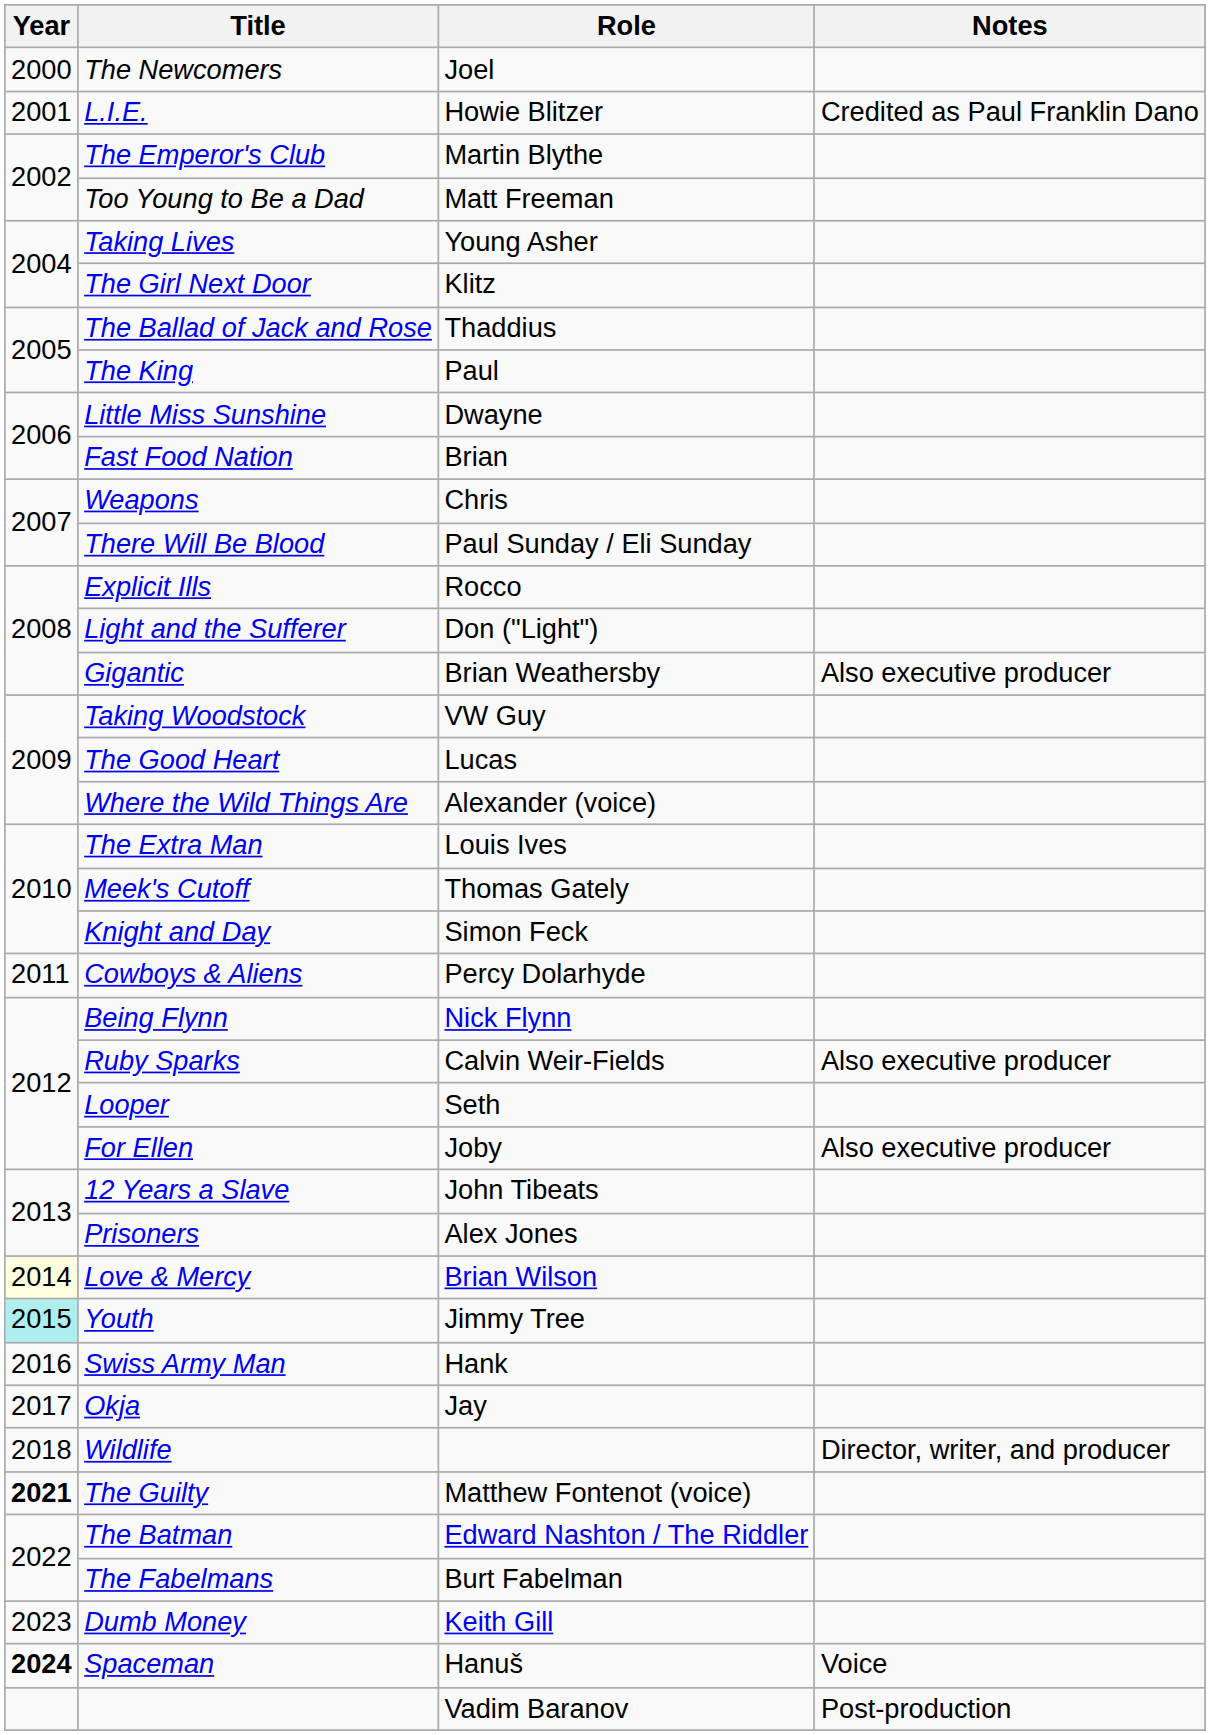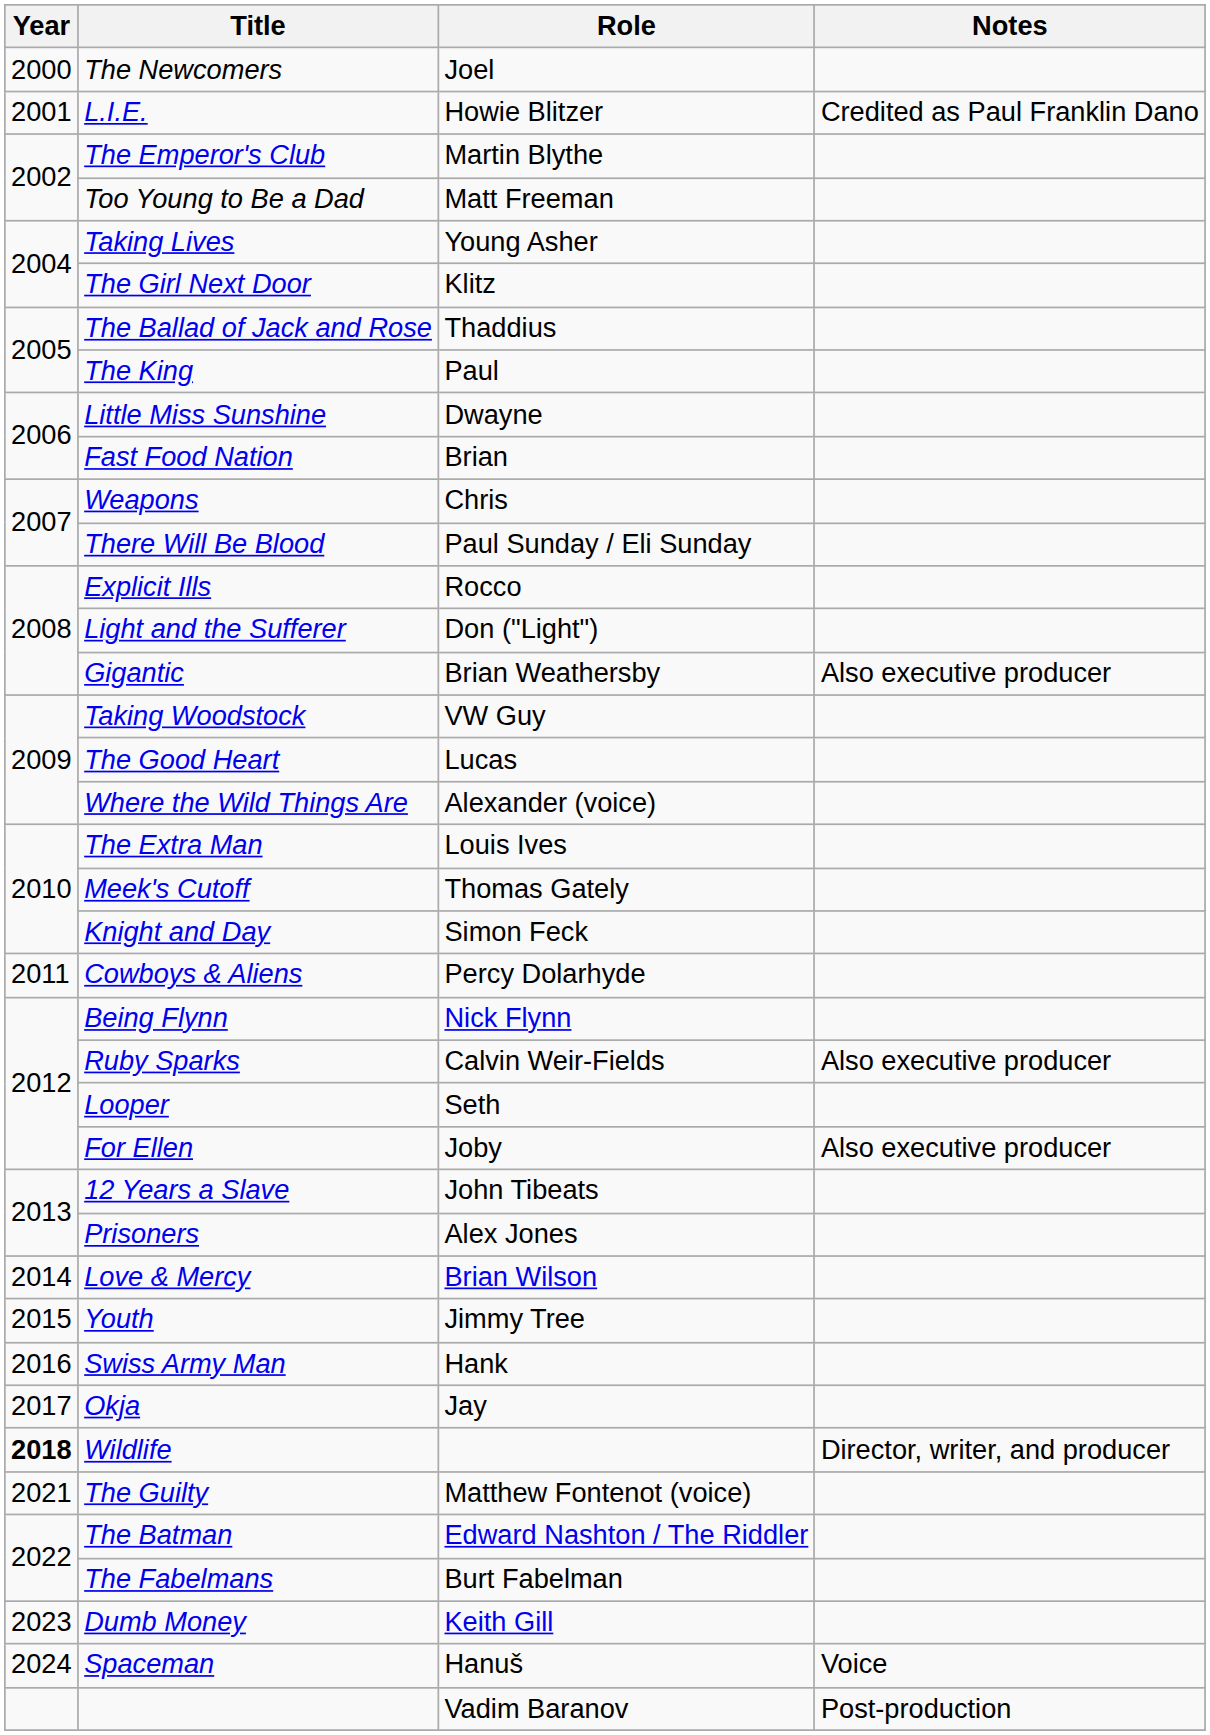 <table class="wikitable sortable unsortable">
 <tr>
 <th>Year</th>
 <th>Title</th>
 <th>Role</th>
 <th class="unsortable">Notes</th>
 </tr>
 <tr>
 <td>2000</td>
 <td><em>The Newcomers</em></td>
 <td>Joel</td>
 <td></td>
 </tr>
 <tr>
 <td>2001</td>
 <td><em><a href='#'>L.I.E.</a></em></td>
 <td>Howie Blitzer</td>
 <td>Credited as Paul Franklin Dano</td>
 </tr>
 <tr>
 <td rowspan="2">2002</td>
 <td><em><a href='#'>The Emperor's Club</a></em></td>
 <td>Martin Blythe</td>
 <td></td>
 </tr>
 <tr>
 <td><em>Too Young to Be a Dad</em></td>
 <td>Matt Freeman</td>
 <td></td>
 </tr>
 <tr>
 <td rowspan="2">2004</td>
 <td><em><a href='#'>Taking Lives</a></em></td>
 <td>Young Asher</td>
 <td></td>
 </tr>
 <tr>
 <td><em><a href='#'>The Girl Next Door</a></em></td>
 <td>Klitz</td>
 <td></td>
 </tr>
 <tr>
 <td rowspan="2">2005</td>
 <td><em><a href='#'>The Ballad of Jack and Rose</a></em></td>
 <td>Thaddius</td>
 <td></td>
 </tr>
 <tr>
 <td><em><a href='#'>The King</a></em></td>
 <td>Paul</td>
 <td></td>
 </tr>
 <tr>
 <td rowspan="2">2006</td>
 <td><em><a href='#'>Little Miss Sunshine</a></em></td>
 <td>Dwayne</td>
 <td></td>
 </tr>
 <tr>
 <td><em><a href='#'>Fast Food Nation</a></em></td>
 <td>Brian</td>
 <td></td>
 </tr>
 <tr>
 <td rowspan="2">2007</td>
 <td><em><a href='#'>Weapons</a></em></td>
 <td>Chris</td>
 <td></td>
 </tr>
 <tr>
 <td><em><a href='#'>There Will Be Blood</a></em></td>
 <td>Paul Sunday / Eli Sunday</td>
 <td></td>
 </tr>
 <tr>
 <td rowspan="3">2008</td>
 <td><em><a href='#'>Explicit Ills</a></em></td>
 <td>Rocco</td>
 <td></td>
 </tr>
 <tr>
 <td><em><a href='#'>Light and the Sufferer</a></em></td>
 <td>Don ("Light")</td>
 <td></td>
 </tr>
 <tr>
 <td><em><a href='#'>Gigantic</a></em></td>
 <td>Brian Weathersby</td>
 <td>Also executive producer</td>
 </tr>
 <tr>
 <td rowspan="3">2009</td>
 <td><em><a href='#'>Taking Woodstock</a></em></td>
 <td>VW Guy</td>
 <td></td>
 </tr>
 <tr>
 <td><em><a href='#'>The Good Heart</a></em></td>
 <td>Lucas</td>
 <td></td>
 </tr>
 <tr>
 <td><em><a href='#'>Where the Wild Things Are</a></em></td>
 <td>Alexander (voice)</td>
 <td></td>
 </tr>
 <tr>
 <td rowspan="3">2010</td>
 <td><em><a href='#'>The Extra Man</a></em></td>
 <td>Louis Ives</td>
 <td></td>
 </tr>
 <tr>
 <td><em><a href='#'>Meek's Cutoff</a></em></td>
 <td>Thomas Gately</td>
 <td></td>
 </tr>
 <tr>
 <td><em><a href='#'>Knight and Day</a></em></td>
 <td>Simon Feck</td>
 <td></td>
 </tr>
 <tr>
 <td>2011</td>
 <td><em><a href='#'>Cowboys & Aliens</a></em></td>
 <td>Percy Dolarhyde</td>
 <td></td>
 </tr>
 <tr>
 <td rowspan="4">2012</td>
 <td><em><a href='#'>Being Flynn</a></em></td>
 <td><a href='#'>Nick Flynn</a></td>
 <td></td>
 </tr>
 <tr>
 <td><em><a href='#'>Ruby Sparks</a></em></td>
 <td>Calvin Weir-Fields</td>
 <td>Also executive producer</td>
 </tr>
 <tr>
 <td><em><a href='#'>Looper</a></em></td>
 <td>Seth</td>
 <td></td>
 </tr>
 <tr>
 <td><em><a href='#'>For Ellen</a></em></td>
 <td>Joby</td>
 <td>Also executive producer</td>
 </tr>
 <tr>
 <td rowspan="2">2013</td>
 <td><em><a href='#'>12 Years a Slave</a></em></td>
 <td>John Tibeats</td>
 <td></td>
 </tr>
 <tr>
 <td><em><a href='#'>Prisoners</a></em></td>
 <td>Alex Jones</td>
 <td></td>
 </tr>
 <tr>
-<td style="background: lightyellow;">2014</td>
+<td>2014</td>
 <td><em><a href='#'>Love & Mercy</a></em></td>
 <td><a href='#'>Brian Wilson</a></td>
 <td></td>
 </tr>
 <tr>
-<td style="background: paleturquoise;">2015</td>
+<td>2015</td>
 <td><em><a href='#'>Youth</a></em></td>
 <td>Jimmy Tree</td>
 <td></td>
 </tr>
 <tr>
 <td>2016</td>
 <td><em><a href='#'>Swiss Army Man</a></em></td>
 <td>Hank</td>
 <td></td>
 </tr>
 <tr>
 <td>2017</td>
 <td><em><a href='#'>Okja</a></em></td>
 <td>Jay</td>
 <td></td>
 </tr>
 <tr>
-<td>2018</td>
+<td><strong>2018</strong></td>
 <td><em><a href='#'>Wildlife</a></em></td>
 <td></td>
 <td>Director, writer, and producer</td>
 </tr>
 <tr>
-<td><strong>2021</strong></td>
+<td>2021</td>
 <td><em><a href='#'>The Guilty</a></em></td>
 <td>Matthew Fontenot (voice)</td>
 <td></td>
 </tr>
 <tr>
 <td rowspan="2">2022</td>
 <td><em><a href='#'>The Batman</a></em></td>
 <td><a href='#'>Edward Nashton / The Riddler</a></td>
 <td></td>
 </tr>
 <tr>
 <td><em><a href='#'>The Fabelmans</a></em></td>
 <td>Burt Fabelman</td>
 <td></td>
 </tr>
 <tr>
 <td>2023</td>
 <td><em><a href='#'>Dumb Money</a></em></td>
 <td><a href='#'>Keith Gill</a></td>
 <td></td>
 </tr>
 <tr>
-<td><strong>2024</strong></td>
+<td>2024</td>
 <td><em><a href='#'>Spaceman</a></em></td>
 <td>Hanuš</td>
 <td>Voice</td>
 </tr>
 <tr>
 <td></td>
 <td></td>
 <td>Vadim Baranov</td>
 <td>Post-production</td>
 </tr>
 <tr>
 </tr>
 </table>
